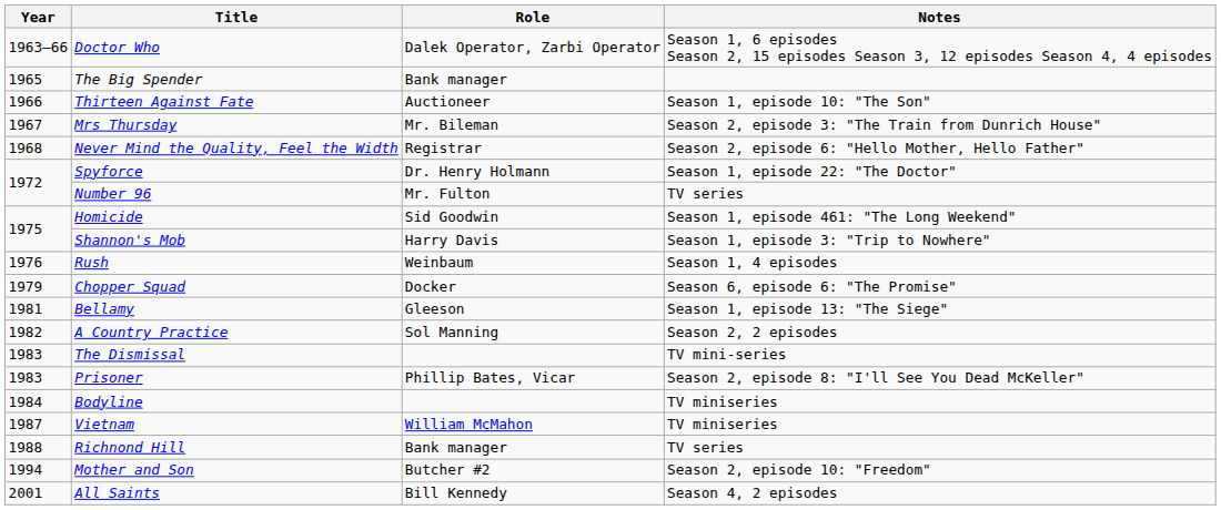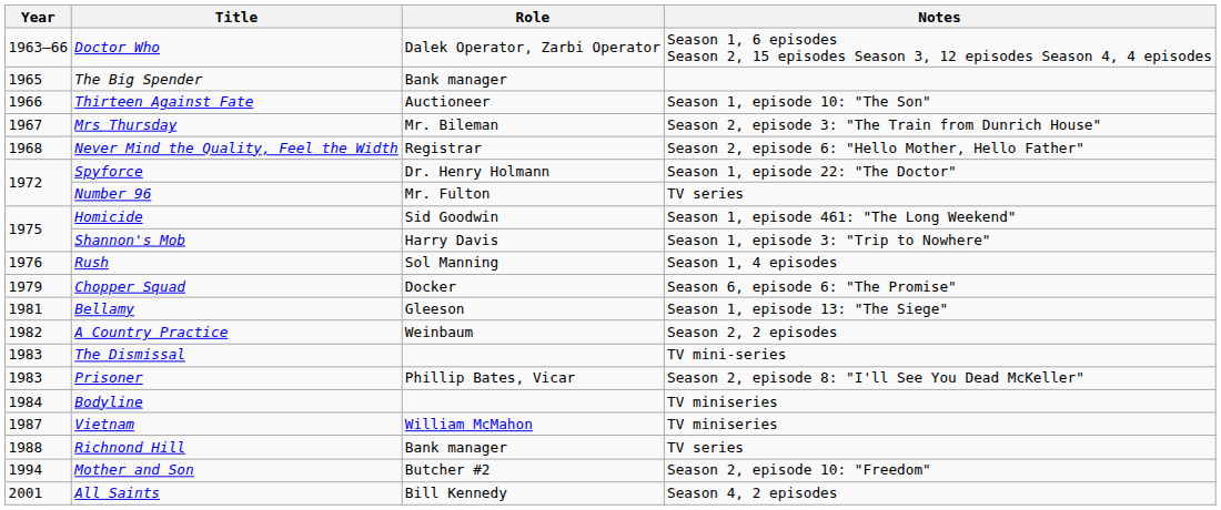 <table class="wikitable sortable jquery-tablesorter">
 <tr>
 <th>Year</th>
 <th>Title</th>
 <th>Role</th>
 <th>Notes</th>
 </tr>
 <tr>
 <td>1963–66</td>
 <td><em><a href='#'>Doctor Who</a></em></td>
 <td>Dalek Operator, Zarbi Operator</td>
 <td>Season 1, 6 episodes<br>Season 2, 15 episodes Season 3, 12 episodes Season 4, 4 episodes</td>
 </tr>
 <tr>
 <td>1965</td>
 <td><em>The Big Spender</em></td>
 <td>Bank manager</td>
 <td></td>
 </tr>
 <tr>
 <td>1966</td>
 <td><em><a href='#'>Thirteen Against Fate</a></em></td>
 <td>Auctioneer</td>
 <td>Season 1, episode 10: "The Son"</td>
 </tr>
 <tr>
 <td>1967</td>
 <td><em><a href='#'>Mrs Thursday</a></em></td>
 <td>Mr. Bileman</td>
 <td>Season 2, episode 3: "The Train from Dunrich House"</td>
 </tr>
 <tr>
 <td>1968</td>
 <td><em><a href='#'>Never Mind the Quality, Feel the Width</a></em></td>
 <td>Registrar</td>
 <td>Season 2, episode 6: "Hello Mother, Hello Father"</td>
 </tr>
 <tr>
 <td rowspan="2">1972</td>
 <td><em><a href='#'>Spyforce</a></em></td>
 <td>Dr. Henry Holmann</td>
 <td>Season 1, episode 22: "The Doctor"</td>
 </tr>
 <tr>
 <td><em><a href='#'>Number 96</a></em></td>
 <td>Mr. Fulton</td>
 <td>TV series</td>
 </tr>
 <tr>
 <td rowspan="2">1975</td>
 <td><em><a href='#'>Homicide</a></em></td>
 <td>Sid Goodwin</td>
 <td>Season 1, episode 461: "The Long Weekend"</td>
 </tr>
 <tr>
 <td><em><a href='#'>Shannon's Mob</a></em></td>
 <td>Harry Davis</td>
 <td>Season 1, episode 3: "Trip to Nowhere"</td>
 </tr>
 <tr>
 <td>1976</td>
 <td><em><a href='#'>Rush</a></em></td>
-<td>Weinbaum</td>
+<td>Sol Manning</td>
 <td>Season 1, 4 episodes</td>
 </tr>
 <tr>
 <td>1979</td>
 <td><em><a href='#'>Chopper Squad</a></em></td>
 <td>Docker</td>
 <td>Season 6, episode 6: "The Promise"</td>
 </tr>
 <tr>
 <td>1981</td>
 <td><em><a href='#'>Bellamy</a></em></td>
 <td>Gleeson</td>
 <td>Season 1, episode 13: "The Siege"</td>
 </tr>
 <tr>
 <td>1982</td>
 <td><em><a href='#'>A Country Practice</a></em></td>
-<td>Sol Manning</td>
+<td>Weinbaum</td>
 <td>Season 2, 2 episodes</td>
 </tr>
 <tr>
 <td>1983</td>
 <td><em><a href='#'>The Dismissal</a></em></td>
 <td></td>
 <td>TV mini-series</td>
 </tr>
 <tr>
 <td>1983</td>
 <td><em><a href='#'>Prisoner</a></em></td>
 <td>Phillip Bates, Vicar</td>
 <td>Season 2, episode 8: "I'll See You Dead McKeller"</td>
 </tr>
 <tr>
 <td>1984</td>
 <td><em><a href='#'>Bodyline</a></em></td>
 <td></td>
 <td>TV miniseries</td>
 </tr>
 <tr>
 <td>1987</td>
 <td><em><a href='#'>Vietnam</a></em></td>
 <td><a href='#'>William McMahon</a></td>
 <td>TV miniseries</td>
 </tr>
 <tr>
 <td>1988</td>
 <td><em><a href='#'>Richnond Hill</a></em></td>
 <td>Bank manager</td>
 <td>TV series</td>
 </tr>
 <tr>
 <td>1994</td>
 <td><em><a href='#'>Mother and Son</a></em></td>
 <td>Butcher #2</td>
 <td>Season 2, episode 10: "Freedom"</td>
 </tr>
 <tr>
 <td>2001</td>
 <td><em><a href='#'>All Saints</a></em></td>
 <td>Bill Kennedy</td>
 <td>Season 4, 2 episodes</td>
 </tr>
 </table>
